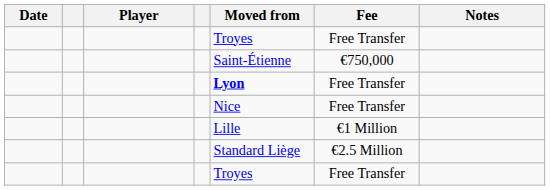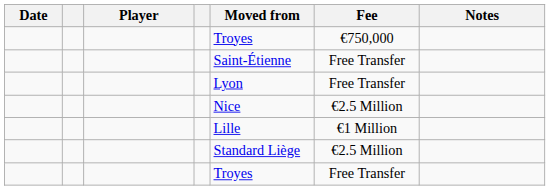 <table class="wikitable sortable">
 <tr>
 <th style="width:80px;">Date</th>
 <th style="width:30px;"></th>
 <th style="width:180px;">Player</th>
 <th style="width:20px;"></th>
 <th style="width:155px;">Moved from</th>
 <th style="width:155px;" class="unsortable">Fee</th>
 <th style="width:215px;" class="unsortable">Notes</th>
 </tr>
 <tr>
 <td></td>
 <td align=center></td>
 <td> </td>
 <td></td>
 <td> <a href='#'>Troyes</a></td>
+<td align=center>€750,000</td>
+<td align=center></td>
+</tr>
+<tr>
+<td></td>
+<td align=center></td>
+<td> </td>
+<td></td>
+<td> <a href='#'>Saint-Étienne</a></td>
 <td align=center>Free Transfer</td>
 <td align=center></td>
 </tr>
 <tr>
 <td></td>
 <td align=center></td>
 <td> </td>
 <td></td>
-<td> <a href='#'>Saint-Étienne</a></td>
-<td align=center>€750,000</td>
-<td align=center></td>
-</tr>
-<tr>
-<td></td>
-<td align=center></td>
-<td> </td>
-<td></td>
-<td><strong> <a href='#'>Lyon</a></strong></td>
+<td> <a href='#'>Lyon</a></td>
 <td align=center>Free Transfer</td>
 <td align=center></td>
 </tr>
 <tr>
 <td></td>
 <td align=center></td>
 <td> </td>
 <td></td>
 <td> <a href='#'>Nice</a></td>
-<td align=center>Free Transfer</td>
+<td align=center>€2.5 Million</td>
 <td align=center></td>
 </tr>
 <tr>
 <td></td>
 <td align=center></td>
 <td> </td>
 <td></td>
 <td> <a href='#'>Lille</a></td>
 <td align=center>€1 Million</td>
 <td align=center></td>
 </tr>
 <tr>
 <td></td>
 <td align=center></td>
 <td> </td>
 <td></td>
 <td> <a href='#'>Standard Liège</a></td>
 <td align=center>€2.5 Million</td>
 <td align=center></td>
 </tr>
 <tr>
 <td></td>
 <td align=center></td>
 <td> </td>
 <td></td>
 <td> <a href='#'>Troyes</a></td>
 <td align=center>Free Transfer</td>
 <td align=center></td>
 </tr>
 </table>
